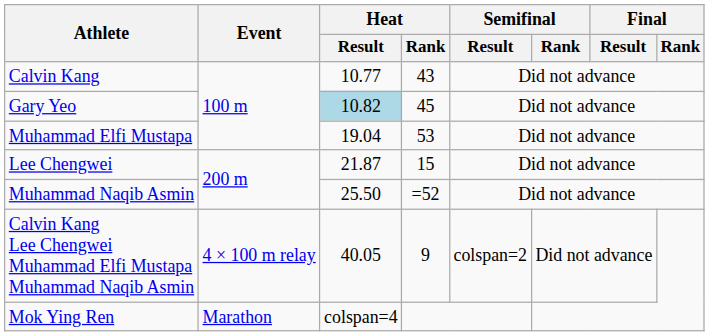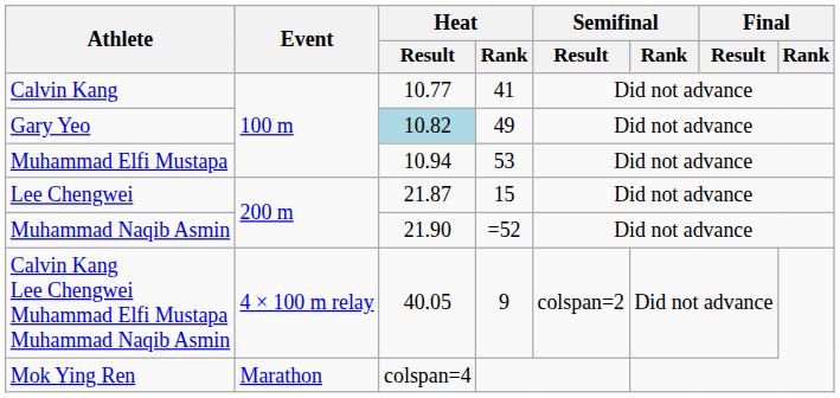 <table class="wikitable" style="font-size:90%">
 <tr>
 <th rowspan="2">Athlete</th>
 <th rowspan="2">Event</th>
 <th colspan="2">Heat</th>
 <th colspan="2">Semifinal</th>
 <th colspan="2">Final</th>
 </tr>
 <tr style="font-size:95%">
 <th>Result</th>
 <th>Rank</th>
 <th>Result</th>
 <th>Rank</th>
 <th>Result</th>
 <th>Rank</th>
 </tr>
 <tr align=center>
 <td align=left><a href='#'>Calvin Kang</a></td>
 <td align=left rowspan=3><a href='#'>100 m</a></td>
 <td>10.77</td>
-<td>43</td>
+<td>41</td>
 <td colspan=4>Did not advance</td>
 </tr>
 <tr align=center>
 <td align=left><a href='#'>Gary Yeo</a></td>
 <td style="background: lightblue;">10.82</td>
-<td>45</td>
+<td>49</td>
 <td colspan=4>Did not advance</td>
 </tr>
 <tr align=center>
 <td align=left><a href='#'>Muhammad Elfi Mustapa</a></td>
-<td>19.04</td>
+<td>10.94</td>
 <td>53</td>
 <td colspan=4>Did not advance</td>
 </tr>
 <tr align=center>
 <td align=left><a href='#'>Lee Chengwei</a></td>
 <td align=left rowspan=2><a href='#'>200 m</a></td>
 <td>21.87</td>
 <td>15</td>
 <td colspan=4>Did not advance</td>
 </tr>
 <tr align=center>
 <td align=left><a href='#'>Muhammad Naqib Asmin</a></td>
-<td>25.50</td>
+<td>21.90</td>
 <td>=52</td>
 <td colspan=4>Did not advance</td>
 </tr>
 <tr align=center>
 <td align=left><a href='#'>Calvin Kang</a><br><a href='#'>Lee Chengwei</a><br><a href='#'>Muhammad Elfi Mustapa</a><br><a href='#'>Muhammad Naqib Asmin</a></td>
 <td align=left><a href='#'>4 × 100 m relay</a></td>
 <td>40.05</td>
 <td>9</td>
 <td>colspan=2 </td>
 <td colspan=2>Did not advance</td>
 </tr>
 <tr align=center>
 <td align=left><a href='#'>Mok Ying Ren</a></td>
 <td align=left rowspan=2><a href='#'>Marathon</a></td>
 <td>colspan=4 </td>
 <td colspan=2></td>
 </tr>
 </table>
